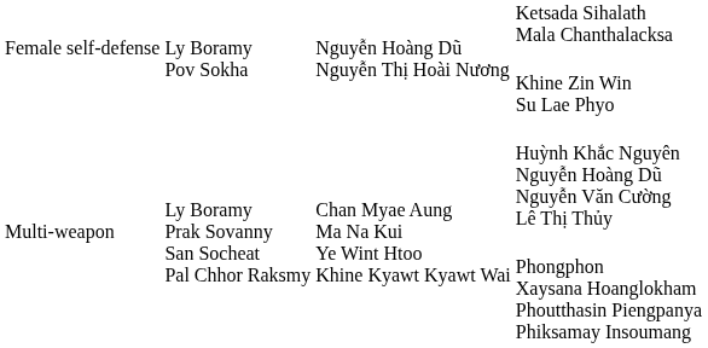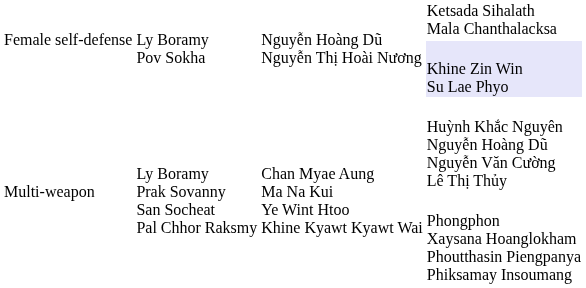 <table>
 <tr>
 <td rowspan=2>Female self-defense</td>
 <td rowspan=2><br>Ly Boramy<br>Pov Sokha</td>
 <td rowspan=2><br>Nguyễn Hoàng Dũ<br>Nguyễn Thị Hoài Nương</td>
 <td><br>Ketsada Sihalath<br>Mala Chanthalacksa</td>
 </tr>
 <tr>
-<td><br>Khine Zin Win<br>Su Lae Phyo</td>
+<td style="background: lavender;"><br>Khine Zin Win<br>Su Lae Phyo</td>
 </tr>
 <tr>
 <td rowspan=2>Multi-weapon</td>
 <td rowspan=2><br>Ly Boramy<br>Prak Sovanny<br>San Socheat<br>Pal Chhor Raksmy</td>
 <td rowspan=2><br>Chan Myae Aung<br>Ma Na Kui<br>Ye Wint Htoo<br>Khine Kyawt Kyawt Wai</td>
 <td><br>Huỳnh Khắc Nguyên<br>Nguyễn Hoàng Dũ<br>Nguyễn Văn Cường<br>Lê Thị Thủy</td>
 </tr>
 <tr>
 <td><br>Phongphon<br>Xaysana Hoanglokham<br>Phoutthasin Piengpanya<br>Phiksamay Insoumang</td>
 </tr>
 </table>
